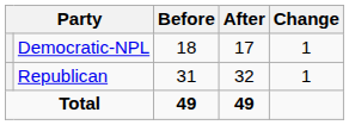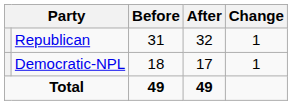 <table class="wikitable" style="text-align:center;">
 <tr>
 <th colspan="2">Party</th>
 <th>Before</th>
 <th>After</th>
 <th>Change</th>
 </tr>
 <tr>
 <th style="background-color:"></th>
-<td style="text-align:left;"><a href='#'>Democratic-NPL</a></td>
-<td>18</td>
-<td>17</td>
+<td style="text-align:left;"><a href='#'>Republican</a></td>
+<td>31</td>
+<td>32</td>
 <td> 1</td>
 </tr>
 <tr>
 <th style="background-color:"></th>
-<td style="text-align:left;"><a href='#'>Republican</a></td>
-<td>31</td>
-<td>32</td>
+<td style="text-align:left;"><a href='#'>Democratic-NPL</a></td>
+<td>18</td>
+<td>17</td>
 <td> 1</td>
 </tr>
 <tr>
 <td colspan="2"><strong>Total</strong></td>
 <td><strong>49</strong></td>
 <td><strong>49</strong></td>
 <td></td>
 </tr>
 </table>
